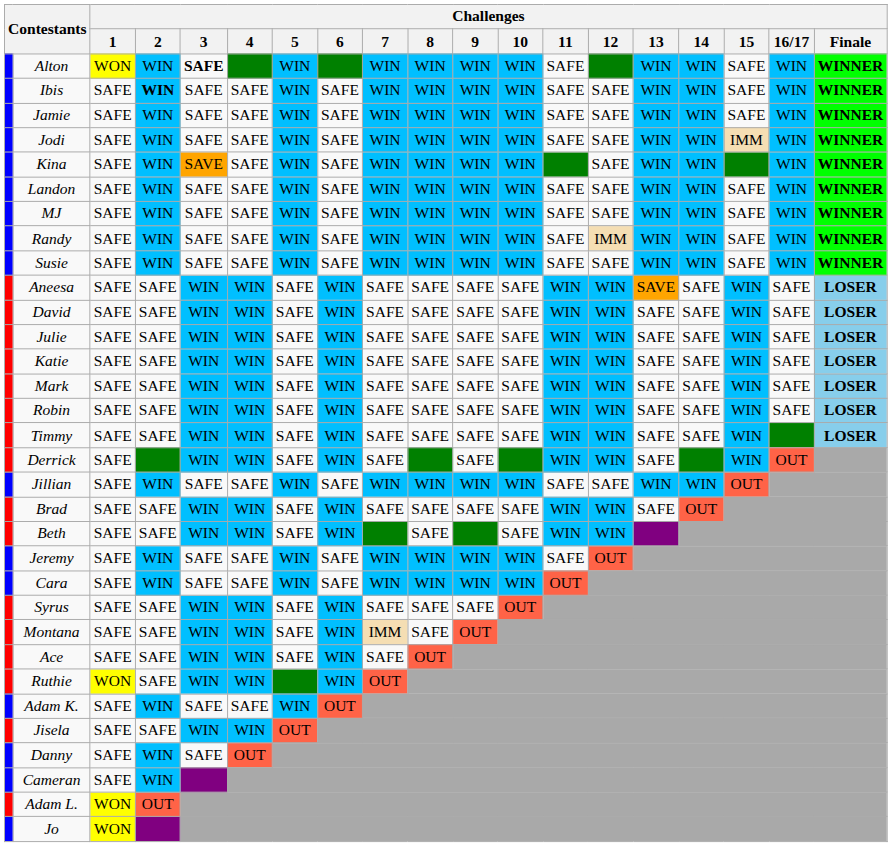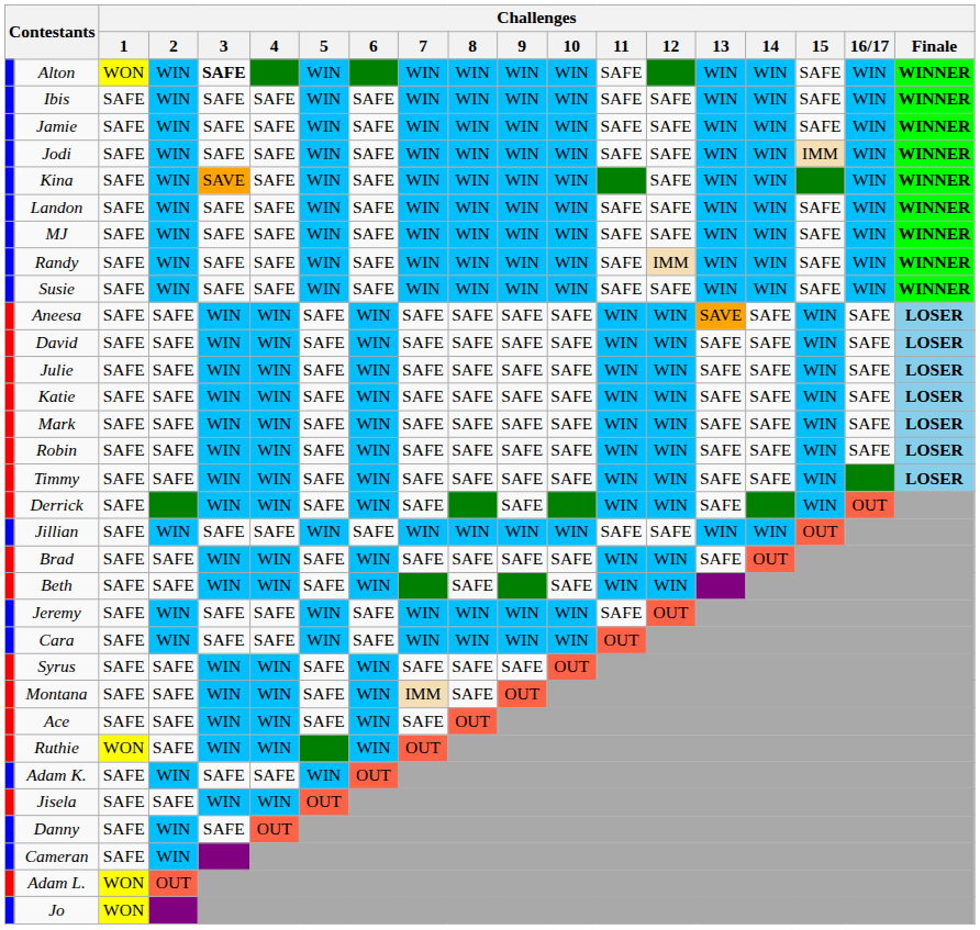 <table class="wikitable" style="text-align:center">
 <tr>
 <th rowspan=2 colspan=2>Contestants</th>
 <th colspan=17>Challenges</th>
 </tr>
 <tr>
 <th>1</th>
 <th>2</th>
 <th>3</th>
 <th>4</th>
 <th>5</th>
 <th>6</th>
 <th>7</th>
 <th>8</th>
 <th>9</th>
 <th>10</th>
 <th>11</th>
 <th>12</th>
 <th>13</th>
 <th>14</th>
 <th>15</th>
 <th>16/17</th>
 <th>Finale</th>
 </tr>
 <tr>
 <td style="background:blue"></td>
 <td><em>Alton</em></td>
 <td style="background:yellow">WON</td>
 <td style="background:deepskyblue">WIN</td>
 <td><strong>SAFE</strong></td>
 <td bgcolor="green"></td>
 <td style="background:deepskyblue">WIN</td>
 <td bgcolor="green"></td>
 <td style="background:deepskyblue">WIN</td>
 <td style="background:deepskyblue">WIN</td>
 <td style="background:deepskyblue">WIN</td>
 <td style="background:deepskyblue">WIN</td>
 <td>SAFE</td>
 <td bgcolor="green"></td>
 <td style="background:deepskyblue">WIN</td>
 <td style="background:deepskyblue">WIN</td>
 <td>SAFE</td>
 <td style="background:deepskyblue">WIN</td>
 <td style="background:lime"><strong>WINNER</strong></td>
 </tr>
 <tr>
 <td style="background:blue"></td>
 <td><em>Ibis</em></td>
 <td>SAFE</td>
-<td style="background:deepskyblue"><strong>WIN</strong></td>
+<td style="background:deepskyblue">WIN</td>
 <td>SAFE</td>
 <td>SAFE</td>
 <td style="background:deepskyblue">WIN</td>
 <td>SAFE</td>
 <td style="background:deepskyblue">WIN</td>
 <td style="background:deepskyblue">WIN</td>
 <td style="background:deepskyblue">WIN</td>
 <td style="background:deepskyblue">WIN</td>
 <td>SAFE</td>
 <td>SAFE</td>
 <td style="background:deepskyblue">WIN</td>
 <td style="background:deepskyblue">WIN</td>
 <td>SAFE</td>
 <td style="background:deepskyblue">WIN</td>
 <td style="background:lime"><strong>WINNER</strong></td>
 </tr>
 <tr>
 <td style="background:blue"></td>
 <td><em>Jamie</em></td>
 <td>SAFE</td>
 <td style="background:deepskyblue">WIN</td>
 <td>SAFE</td>
 <td>SAFE</td>
 <td style="background:deepskyblue">WIN</td>
 <td>SAFE</td>
 <td style="background:deepskyblue">WIN</td>
 <td style="background:deepskyblue">WIN</td>
 <td style="background:deepskyblue">WIN</td>
 <td style="background:deepskyblue">WIN</td>
 <td>SAFE</td>
 <td>SAFE</td>
 <td style="background:deepskyblue">WIN</td>
 <td style="background:deepskyblue">WIN</td>
 <td>SAFE</td>
 <td style="background:deepskyblue">WIN</td>
 <td style="background:lime"><strong>WINNER</strong></td>
 </tr>
 <tr>
 <td style="background:blue"></td>
 <td><em>Jodi</em></td>
 <td>SAFE</td>
 <td style="background:deepskyblue">WIN</td>
 <td>SAFE</td>
 <td>SAFE</td>
 <td style="background:deepskyblue">WIN</td>
 <td>SAFE</td>
 <td style="background:deepskyblue">WIN</td>
 <td style="background:deepskyblue">WIN</td>
 <td style="background:deepskyblue">WIN</td>
 <td style="background:deepskyblue">WIN</td>
 <td>SAFE</td>
 <td>SAFE</td>
 <td style="background:deepskyblue">WIN</td>
 <td style="background:deepskyblue">WIN</td>
 <td style="background:wheat">IMM</td>
 <td style="background:deepskyblue">WIN</td>
 <td style="background:lime"><strong>WINNER</strong></td>
 </tr>
 <tr>
 <td style="background:blue"></td>
 <td><em>Kina</em></td>
 <td>SAFE</td>
 <td style="background:deepskyblue">WIN</td>
 <td style="background:orange">SAVE</td>
 <td>SAFE</td>
 <td style="background:deepskyblue">WIN</td>
 <td>SAFE</td>
 <td style="background:deepskyblue">WIN</td>
 <td style="background:deepskyblue">WIN</td>
 <td style="background:deepskyblue">WIN</td>
 <td style="background:deepskyblue">WIN</td>
 <td bgcolor="green"></td>
 <td>SAFE</td>
 <td style="background:deepskyblue">WIN</td>
 <td style="background:deepskyblue">WIN</td>
 <td bgcolor="green"></td>
 <td style="background:deepskyblue">WIN</td>
 <td style="background:lime"><strong>WINNER</strong></td>
 </tr>
 <tr>
 <td style="background:blue"></td>
 <td><em>Landon</em></td>
 <td>SAFE</td>
 <td style="background:deepskyblue">WIN</td>
 <td>SAFE</td>
 <td>SAFE</td>
 <td style="background:deepskyblue">WIN</td>
 <td>SAFE</td>
 <td style="background:deepskyblue">WIN</td>
 <td style="background:deepskyblue">WIN</td>
 <td style="background:deepskyblue">WIN</td>
 <td style="background:deepskyblue">WIN</td>
 <td>SAFE</td>
 <td>SAFE</td>
 <td style="background:deepskyblue">WIN</td>
 <td style="background:deepskyblue">WIN</td>
 <td>SAFE</td>
 <td style="background:deepskyblue">WIN</td>
 <td style="background:lime"><strong>WINNER</strong></td>
 </tr>
 <tr>
 <td style="background:blue"></td>
 <td><em>MJ</em></td>
 <td>SAFE</td>
 <td style="background:deepskyblue">WIN</td>
 <td>SAFE</td>
 <td>SAFE</td>
 <td style="background:deepskyblue">WIN</td>
 <td>SAFE</td>
 <td style="background:deepskyblue">WIN</td>
 <td style="background:deepskyblue">WIN</td>
 <td style="background:deepskyblue">WIN</td>
 <td style="background:deepskyblue">WIN</td>
 <td>SAFE</td>
 <td>SAFE</td>
 <td style="background:deepskyblue">WIN</td>
 <td style="background:deepskyblue">WIN</td>
 <td>SAFE</td>
 <td style="background:deepskyblue">WIN</td>
 <td style="background:lime"><strong>WINNER</strong></td>
 </tr>
 <tr>
 <td style="background:blue"></td>
 <td><em>Randy</em></td>
 <td>SAFE</td>
 <td style="background:deepskyblue">WIN</td>
 <td>SAFE</td>
 <td>SAFE</td>
 <td style="background:deepskyblue">WIN</td>
 <td>SAFE</td>
 <td style="background:deepskyblue">WIN</td>
 <td style="background:deepskyblue">WIN</td>
 <td style="background:deepskyblue">WIN</td>
 <td style="background:deepskyblue">WIN</td>
 <td>SAFE</td>
 <td style="background:wheat">IMM</td>
 <td style="background:deepskyblue">WIN</td>
 <td style="background:deepskyblue">WIN</td>
 <td>SAFE</td>
 <td style="background:deepskyblue">WIN</td>
 <td style="background:lime"><strong>WINNER</strong></td>
 </tr>
 <tr>
 <td style="background:blue"></td>
 <td><em>Susie</em></td>
 <td>SAFE</td>
 <td style="background:deepskyblue">WIN</td>
 <td>SAFE</td>
 <td>SAFE</td>
 <td style="background:deepskyblue">WIN</td>
 <td>SAFE</td>
 <td style="background:deepskyblue">WIN</td>
 <td style="background:deepskyblue">WIN</td>
 <td style="background:deepskyblue">WIN</td>
 <td style="background:deepskyblue">WIN</td>
 <td>SAFE</td>
 <td>SAFE</td>
 <td style="background:deepskyblue">WIN</td>
 <td style="background:deepskyblue">WIN</td>
 <td>SAFE</td>
 <td style="background:deepskyblue">WIN</td>
 <td style="background:lime"><strong>WINNER</strong></td>
 </tr>
 <tr>
 <td style="background:red"></td>
 <td><em>Aneesa</em></td>
 <td>SAFE</td>
 <td>SAFE</td>
 <td style="background:deepskyblue">WIN</td>
 <td style="background:deepskyblue">WIN</td>
 <td>SAFE</td>
 <td style="background:deepskyblue">WIN</td>
 <td>SAFE</td>
 <td>SAFE</td>
 <td>SAFE</td>
 <td>SAFE</td>
 <td style="background:deepskyblue">WIN</td>
 <td style="background:deepskyblue">WIN</td>
 <td style="background:orange">SAVE</td>
 <td>SAFE</td>
 <td style="background:deepskyblue">WIN</td>
 <td>SAFE</td>
 <td style="background:skyblue"><strong>LOSER</strong></td>
 </tr>
 <tr>
 <td style="background:red"></td>
 <td><em>David</em></td>
 <td>SAFE</td>
 <td>SAFE</td>
 <td style="background:deepskyblue">WIN</td>
 <td style="background:deepskyblue">WIN</td>
 <td>SAFE</td>
 <td style="background:deepskyblue">WIN</td>
 <td>SAFE</td>
 <td>SAFE</td>
 <td>SAFE</td>
 <td>SAFE</td>
 <td style="background:deepskyblue">WIN</td>
 <td style="background:deepskyblue">WIN</td>
 <td>SAFE</td>
 <td>SAFE</td>
 <td style="background:deepskyblue">WIN</td>
 <td>SAFE</td>
 <td style="background:skyblue"><strong>LOSER</strong></td>
 </tr>
 <tr>
 <td style="background:red"></td>
 <td><em>Julie</em></td>
 <td>SAFE</td>
 <td>SAFE</td>
 <td style="background:deepskyblue">WIN</td>
 <td style="background:deepskyblue">WIN</td>
 <td>SAFE</td>
 <td style="background:deepskyblue">WIN</td>
 <td>SAFE</td>
 <td>SAFE</td>
 <td>SAFE</td>
 <td>SAFE</td>
 <td style="background:deepskyblue">WIN</td>
 <td style="background:deepskyblue">WIN</td>
 <td>SAFE</td>
 <td>SAFE</td>
 <td style="background:deepskyblue">WIN</td>
 <td>SAFE</td>
 <td style="background:skyblue"><strong>LOSER</strong></td>
 </tr>
 <tr>
 <td style="background:red"></td>
 <td><em>Katie</em></td>
 <td>SAFE</td>
 <td>SAFE</td>
 <td style="background:deepskyblue">WIN</td>
 <td style="background:deepskyblue">WIN</td>
 <td>SAFE</td>
 <td style="background:deepskyblue">WIN</td>
 <td>SAFE</td>
 <td>SAFE</td>
 <td>SAFE</td>
 <td>SAFE</td>
 <td style="background:deepskyblue">WIN</td>
 <td style="background:deepskyblue">WIN</td>
 <td>SAFE</td>
 <td>SAFE</td>
 <td style="background:deepskyblue">WIN</td>
 <td>SAFE</td>
 <td style="background:skyblue"><strong>LOSER</strong></td>
 </tr>
 <tr>
 <td style="background:red"></td>
 <td><em>Mark</em></td>
 <td>SAFE</td>
 <td>SAFE</td>
 <td style="background:deepskyblue">WIN</td>
 <td style="background:deepskyblue">WIN</td>
 <td>SAFE</td>
 <td style="background:deepskyblue">WIN</td>
 <td>SAFE</td>
 <td>SAFE</td>
 <td>SAFE</td>
 <td>SAFE</td>
 <td style="background:deepskyblue">WIN</td>
 <td style="background:deepskyblue">WIN</td>
 <td>SAFE</td>
 <td>SAFE</td>
 <td style="background:deepskyblue">WIN</td>
 <td>SAFE</td>
 <td style="background:skyblue"><strong>LOSER</strong></td>
 </tr>
 <tr>
 <td style="background:red"></td>
 <td><em>Robin</em></td>
 <td>SAFE</td>
 <td>SAFE</td>
 <td style="background:deepskyblue">WIN</td>
 <td style="background:deepskyblue">WIN</td>
 <td>SAFE</td>
 <td style="background:deepskyblue">WIN</td>
 <td>SAFE</td>
 <td>SAFE</td>
 <td>SAFE</td>
 <td>SAFE</td>
 <td style="background:deepskyblue">WIN</td>
 <td style="background:deepskyblue">WIN</td>
 <td>SAFE</td>
 <td>SAFE</td>
 <td style="background:deepskyblue">WIN</td>
 <td>SAFE</td>
 <td style="background:skyblue"><strong>LOSER</strong></td>
 </tr>
 <tr>
 <td style="background:red"></td>
 <td><em>Timmy</em></td>
 <td>SAFE</td>
 <td>SAFE</td>
 <td style="background:deepskyblue">WIN</td>
 <td style="background:deepskyblue">WIN</td>
 <td>SAFE</td>
 <td style="background:deepskyblue">WIN</td>
 <td>SAFE</td>
 <td>SAFE</td>
 <td>SAFE</td>
 <td>SAFE</td>
 <td style="background:deepskyblue">WIN</td>
 <td style="background:deepskyblue">WIN</td>
 <td>SAFE</td>
 <td>SAFE</td>
 <td style="background:deepskyblue">WIN</td>
 <td bgcolor="green"></td>
 <td style="background:skyblue"><strong>LOSER</strong></td>
 </tr>
 <tr>
 <td style="background:red"></td>
 <td><em>Derrick</em></td>
 <td>SAFE</td>
 <td bgcolor="green"></td>
 <td style="background:deepskyblue">WIN</td>
 <td style="background:deepskyblue">WIN</td>
 <td>SAFE</td>
 <td style="background:deepskyblue">WIN</td>
 <td>SAFE</td>
 <td bgcolor="green"></td>
 <td>SAFE</td>
 <td bgcolor="green"></td>
 <td style="background:deepskyblue">WIN</td>
 <td style="background:deepskyblue">WIN</td>
 <td>SAFE</td>
 <td bgcolor="green"></td>
 <td style="background:deepskyblue">WIN</td>
 <td style="background:tomato">OUT</td>
 <td style="background:darkgray"></td>
 </tr>
 <tr>
 <td style="background:blue"></td>
 <td><em>Jillian</em></td>
 <td>SAFE</td>
 <td style="background:deepskyblue">WIN</td>
 <td>SAFE</td>
 <td>SAFE</td>
 <td style="background:deepskyblue">WIN</td>
 <td>SAFE</td>
 <td style="background:deepskyblue">WIN</td>
 <td style="background:deepskyblue">WIN</td>
 <td style="background:deepskyblue">WIN</td>
 <td style="background:deepskyblue">WIN</td>
 <td>SAFE</td>
 <td>SAFE</td>
 <td style="background:deepskyblue">WIN</td>
 <td style="background:deepskyblue">WIN</td>
 <td style="background:tomato">OUT</td>
 <td style="background:darkgray" colspan=2></td>
 </tr>
 <tr>
 <td style="background:red"></td>
 <td><em>Brad</em></td>
 <td>SAFE</td>
 <td>SAFE</td>
 <td style="background:deepskyblue">WIN</td>
 <td style="background:deepskyblue">WIN</td>
 <td>SAFE</td>
 <td style="background:deepskyblue">WIN</td>
 <td>SAFE</td>
 <td>SAFE</td>
 <td>SAFE</td>
 <td>SAFE</td>
 <td style="background:deepskyblue">WIN</td>
 <td style="background:deepskyblue">WIN</td>
 <td>SAFE</td>
 <td style="background:tomato">OUT</td>
 <td style="background:darkgray" colspan=3></td>
 </tr>
 <tr>
 <td style="background:red"></td>
 <td><em>Beth</em></td>
 <td>SAFE</td>
 <td>SAFE</td>
 <td style="background:deepskyblue">WIN</td>
 <td style="background:deepskyblue">WIN</td>
 <td>SAFE</td>
 <td style="background:deepskyblue">WIN</td>
 <td bgcolor="green"></td>
 <td>SAFE</td>
 <td bgcolor="green"></td>
 <td>SAFE</td>
 <td style="background:deepskyblue">WIN</td>
 <td style="background:deepskyblue">WIN</td>
 <td style="background:purple"></td>
 <td style="background:darkgray" colspan=4></td>
 </tr>
 <tr>
 <td style="background:blue"></td>
 <td><em>Jeremy</em></td>
 <td>SAFE</td>
 <td style="background:deepskyblue">WIN</td>
 <td>SAFE</td>
 <td>SAFE</td>
 <td style="background:deepskyblue">WIN</td>
 <td>SAFE</td>
 <td style="background:deepskyblue">WIN</td>
 <td style="background:deepskyblue">WIN</td>
 <td style="background:deepskyblue">WIN</td>
 <td style="background:deepskyblue">WIN</td>
 <td>SAFE</td>
 <td style="background:tomato">OUT</td>
 <td style="background:darkgray" colspan=5></td>
 </tr>
 <tr>
 <td style="background:blue"></td>
 <td><em>Cara</em></td>
 <td>SAFE</td>
 <td style="background:deepskyblue">WIN</td>
 <td>SAFE</td>
 <td>SAFE</td>
 <td style="background:deepskyblue">WIN</td>
 <td>SAFE</td>
 <td style="background:deepskyblue">WIN</td>
 <td style="background:deepskyblue">WIN</td>
 <td style="background:deepskyblue">WIN</td>
 <td style="background:deepskyblue">WIN</td>
 <td style="background:tomato">OUT</td>
 <td style="background:darkgray" colspan=6></td>
 </tr>
 <tr>
 <td style="background:red"></td>
 <td><em>Syrus</em></td>
 <td>SAFE</td>
 <td>SAFE</td>
 <td style="background:deepskyblue">WIN</td>
 <td style="background:deepskyblue">WIN</td>
 <td>SAFE</td>
 <td style="background:deepskyblue">WIN</td>
 <td>SAFE</td>
 <td>SAFE</td>
 <td>SAFE</td>
 <td style="background:tomato">OUT</td>
 <td style="background:darkgray" colspan=15></td>
 </tr>
 <tr>
 <td style="background:red"></td>
 <td><em>Montana</em></td>
 <td>SAFE</td>
 <td>SAFE</td>
 <td style="background:deepskyblue">WIN</td>
 <td style="background:deepskyblue">WIN</td>
 <td>SAFE</td>
 <td style="background:deepskyblue">WIN</td>
 <td style="background:wheat">IMM</td>
 <td>SAFE</td>
 <td style="background:tomato">OUT</td>
 <td style="background:darkgray" colspan=15></td>
 </tr>
 <tr>
 <td style="background:red"></td>
 <td><em>Ace</em></td>
 <td>SAFE</td>
 <td>SAFE</td>
 <td style="background:deepskyblue">WIN</td>
 <td style="background:deepskyblue">WIN</td>
 <td>SAFE</td>
 <td style="background:deepskyblue">WIN</td>
 <td>SAFE</td>
 <td style="background:tomato">OUT</td>
 <td style="background:darkgray" colspan=15></td>
 </tr>
 <tr>
 <td style="background:red"></td>
 <td><em>Ruthie</em></td>
 <td style="background:yellow">WON</td>
 <td>SAFE</td>
 <td style="background:deepskyblue">WIN</td>
 <td style="background:deepskyblue">WIN</td>
 <td style="background:green"></td>
 <td style="background:deepskyblue">WIN</td>
 <td style="background:tomato">OUT</td>
 <td style="background:darkgray" colspan=15></td>
 </tr>
 <tr>
 <td style="background:blue"></td>
 <td><em>Adam K.</em></td>
 <td>SAFE</td>
 <td style="background:deepskyblue">WIN</td>
 <td>SAFE</td>
 <td>SAFE</td>
 <td style="background:deepskyblue">WIN</td>
 <td style="background:tomato">OUT</td>
 <td style="background:darkgray" colspan=11></td>
 </tr>
 <tr>
 <td style="background:red"></td>
 <td><em>Jisela</em></td>
 <td>SAFE</td>
 <td>SAFE</td>
 <td style="background:deepskyblue">WIN</td>
 <td style="background:deepskyblue">WIN</td>
 <td style="background:tomato">OUT</td>
 <td style="background:darkgray" colspan=12></td>
 </tr>
 <tr>
 <td style="background:blue"></td>
 <td><em>Danny</em></td>
 <td>SAFE</td>
 <td style="background:deepskyblue">WIN</td>
 <td>SAFE</td>
 <td style="background:tomato">OUT</td>
 <td style="background:darkgray" colspan=13></td>
 </tr>
 <tr>
 <td style="background:blue"></td>
 <td><em>Cameran</em></td>
 <td>SAFE</td>
 <td style="background:deepskyblue">WIN</td>
 <td style="background:purple"></td>
 <td style="background:darkgray" colspan=14></td>
 </tr>
 <tr>
 <td style="background:red"></td>
 <td><em>Adam L.</em></td>
 <td style="background:yellow">WON</td>
 <td style="background:tomato">OUT</td>
 <td style="background:darkgray" colspan=15></td>
 </tr>
 <tr>
 <td style="background:blue"></td>
 <td><em>Jo</em></td>
 <td style="background:yellow">WON</td>
 <td style="background:purple"></td>
 <td style="background:darkgray" colspan=15></td>
 </tr>
 </table>
